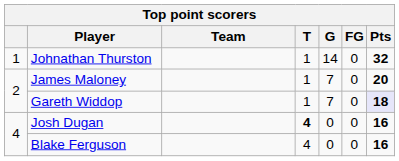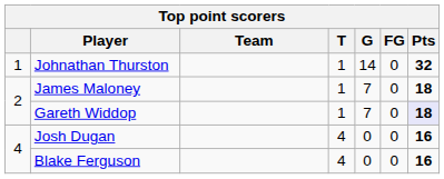 <table class="wikitable" style="text-align:center;">
 <tr>
 <th colspan="10"><strong>Top point scorers</strong></th>
 </tr>
 <tr>
 <th style="width:20px;" abbr="Position"></th>
 <th width=150>Player</th>
 <th width=150>Team</th>
 <th style="width:20px;" abbr="Tries">T</th>
 <th style="width:20px;" abbr="Goals">G</th>
 <th style="width:20px;" abbr="Field goals">FG</th>
 <th style="width:20px;" abbr="Points">Pts</th>
 </tr>
 <tr>
 <td>1</td>
 <td style="text-align:left;"><a href='#'>Johnathan Thurston</a></td>
 <td></td>
 <td>1</td>
 <td>14</td>
 <td>0</td>
 <td><strong>32</strong></td>
 </tr>
 <tr>
 <td rowspan=2>2</td>
 <td style="text-align:left;"><a href='#'>James Maloney</a></td>
 <td></td>
 <td>1</td>
 <td>7</td>
 <td>0</td>
-<td><strong>20</strong></td>
+<td><strong>18</strong></td>
 </tr>
 <tr>
 <td style="text-align:left;"><a href='#'>Gareth Widdop</a></td>
 <td></td>
 <td>1</td>
 <td>7</td>
 <td>0</td>
 <td style="background: lavender;"><strong>18</strong></td>
 </tr>
 <tr>
 <td rowspan=2>4</td>
 <td style="text-align:left;"><a href='#'>Josh Dugan</a></td>
 <td></td>
-<td><strong>4</strong></td>
+<td>4</td>
 <td>0</td>
 <td>0</td>
 <td><strong>16</strong></td>
 </tr>
 <tr>
 <td style="text-align:left;"><a href='#'>Blake Ferguson</a></td>
 <td></td>
 <td>4</td>
 <td>0</td>
 <td>0</td>
 <td><strong>16</strong></td>
 </tr>
 </table>
